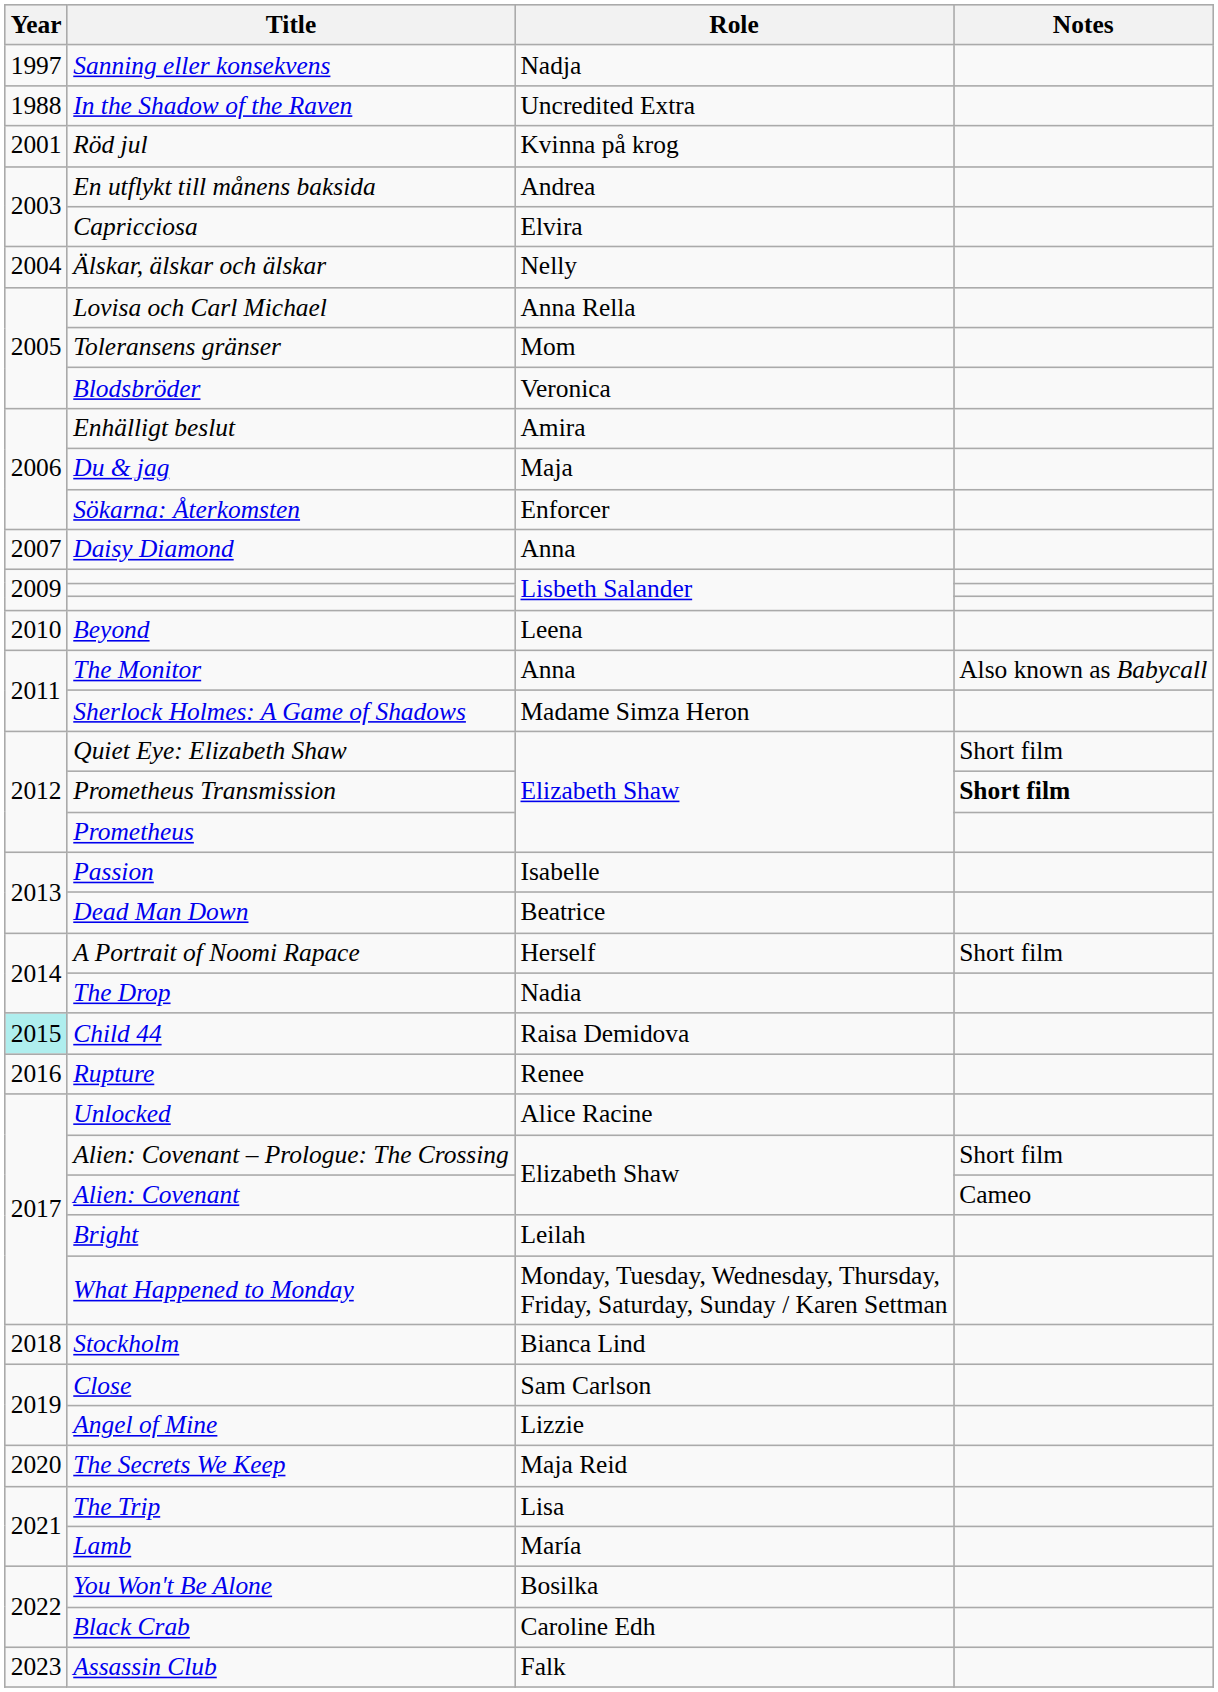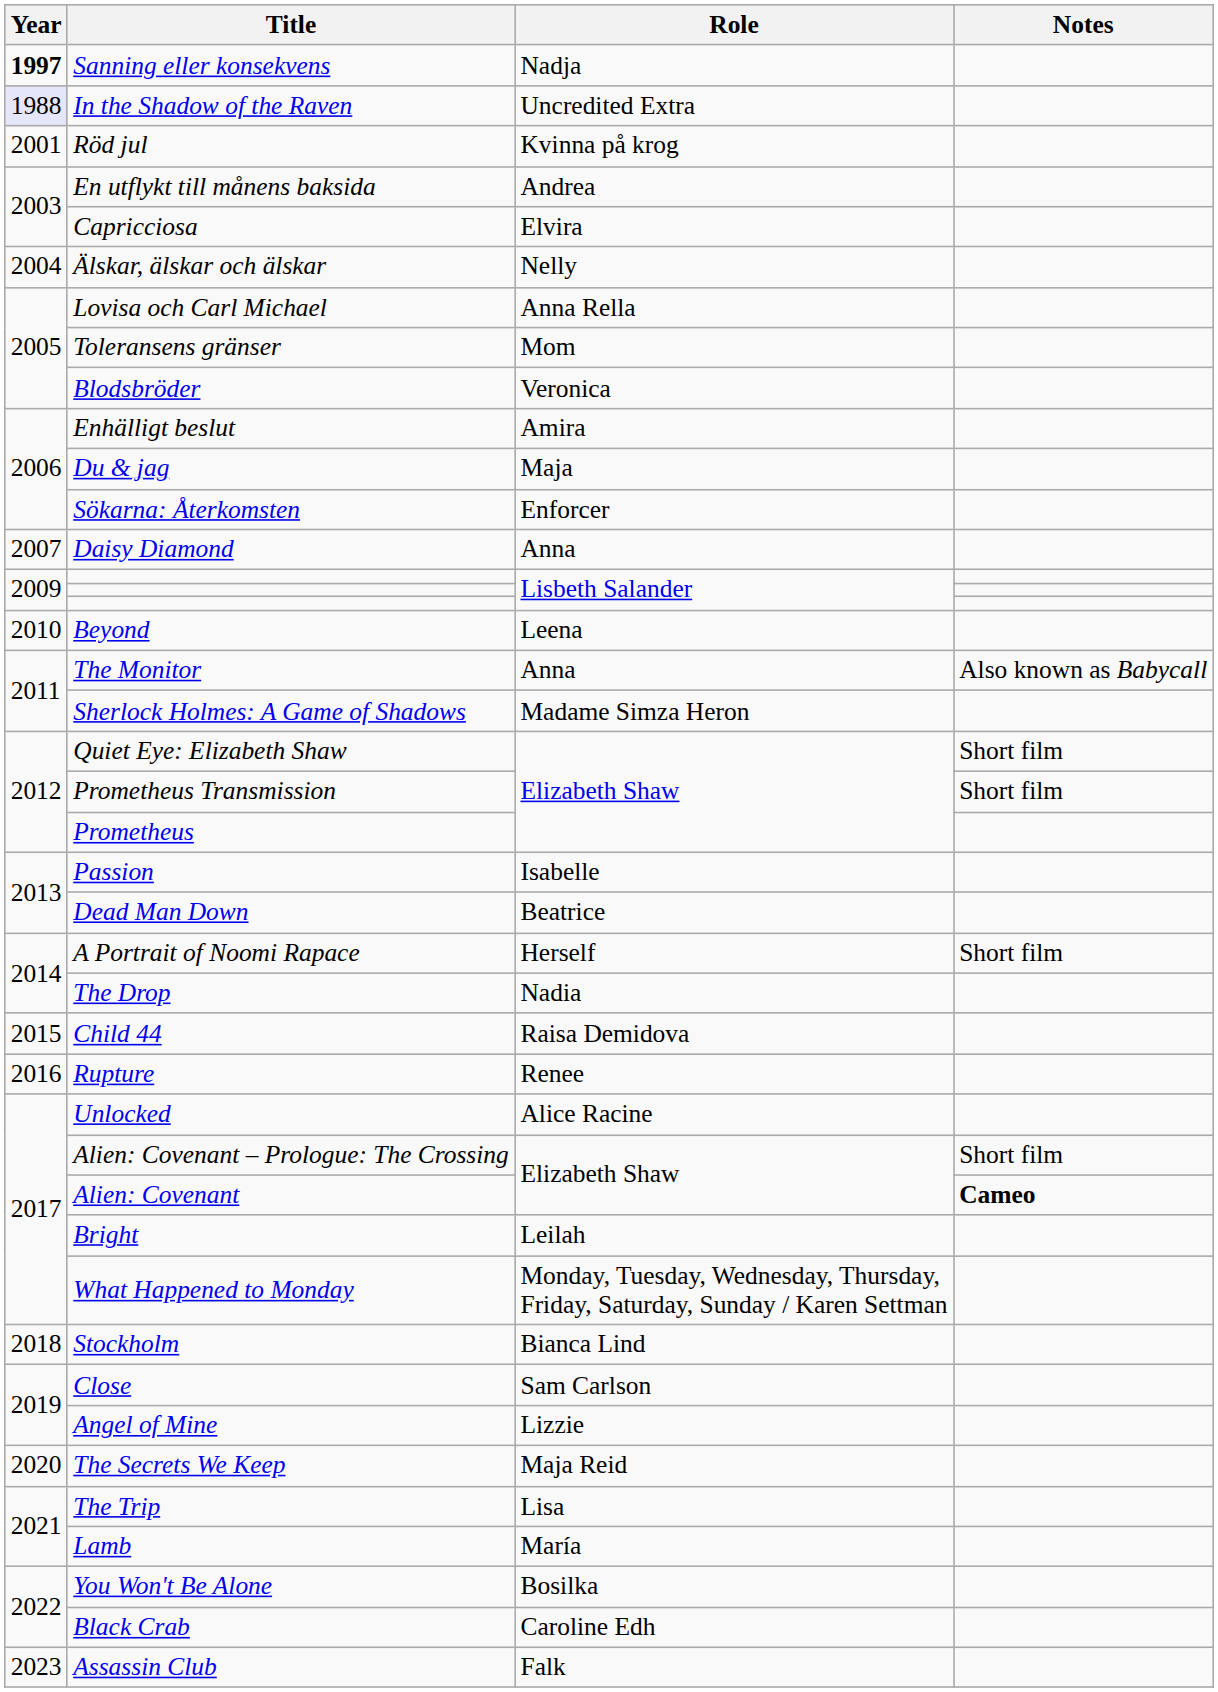 <table class="wikitable sortable">
 <tr>
 <th>Year</th>
 <th>Title</th>
 <th>Role</th>
 <th class="unsortable">Notes</th>
 </tr>
 <tr>
-<td>1997</td>
+<td><strong>1997</strong></td>
 <td><em><a href='#'>Sanning eller konsekvens</a></em></td>
 <td>Nadja</td>
 <td></td>
 </tr>
 <tr>
-<td>1988</td>
+<td style="background: lavender;">1988</td>
 <td><em><a href='#'>In the Shadow of the Raven</a></em></td>
 <td>Uncredited Extra</td>
 <td></td>
 </tr>
 <tr>
 <td>2001</td>
 <td><em>Röd jul</em></td>
 <td>Kvinna på krog</td>
 <td></td>
 </tr>
 <tr>
 <td rowspan="2">2003</td>
 <td><em>En utflykt till månens baksida</em></td>
 <td>Andrea</td>
 <td></td>
 </tr>
 <tr>
 <td><em>Capricciosa</em></td>
 <td>Elvira</td>
 <td></td>
 </tr>
 <tr>
 <td>2004</td>
 <td><em>Älskar, älskar och älskar</em></td>
 <td>Nelly</td>
 <td></td>
 </tr>
 <tr>
 <td rowspan="3">2005</td>
 <td><em>Lovisa och Carl Michael</em></td>
 <td>Anna Rella</td>
 <td></td>
 </tr>
 <tr>
 <td><em>Toleransens gränser</em></td>
 <td>Mom</td>
 <td></td>
 </tr>
 <tr>
 <td><em><a href='#'>Blodsbröder</a></em></td>
 <td>Veronica</td>
 <td></td>
 </tr>
 <tr>
 <td rowspan="3">2006</td>
 <td><em>Enhälligt beslut</em></td>
 <td>Amira</td>
 <td></td>
 </tr>
 <tr>
 <td><em><a href='#'>Du & jag</a></em></td>
 <td>Maja</td>
 <td></td>
 </tr>
 <tr>
 <td><em><a href='#'>Sökarna: Återkomsten</a></em></td>
 <td>Enforcer</td>
 <td></td>
 </tr>
 <tr>
 <td>2007</td>
 <td><em><a href='#'>Daisy Diamond</a></em></td>
 <td>Anna</td>
 <td></td>
 </tr>
 <tr>
 <td rowspan="3">2009</td>
 <td><em></em></td>
 <td rowspan="3"><a href='#'>Lisbeth Salander</a></td>
 <td></td>
 </tr>
 <tr>
 <td><em></em></td>
 <td></td>
 </tr>
 <tr>
 <td><em></em></td>
 <td></td>
 </tr>
 <tr>
 <td>2010</td>
 <td><em><a href='#'>Beyond</a></em></td>
 <td>Leena</td>
 <td></td>
 </tr>
 <tr>
 <td rowspan="2">2011</td>
 <td><em><a href='#'>The Monitor</a></em></td>
 <td>Anna</td>
 <td>Also known as <em>Babycall</em></td>
 </tr>
 <tr>
 <td><em><a href='#'>Sherlock Holmes: A Game of Shadows</a></em></td>
 <td>Madame Simza Heron</td>
 <td></td>
 </tr>
 <tr>
 <td rowspan="3">2012</td>
 <td><em>Quiet Eye: Elizabeth Shaw</em></td>
 <td rowspan="3"><a href='#'>Elizabeth Shaw</a></td>
 <td>Short film</td>
 </tr>
 <tr>
 <td><em>Prometheus Transmission</em></td>
-<td><strong>Short film</strong></td>
+<td>Short film</td>
 </tr>
 <tr>
 <td><em><a href='#'>Prometheus</a></em></td>
 </tr>
 <tr>
 <td rowspan="2">2013</td>
 <td><em><a href='#'>Passion</a></em></td>
 <td>Isabelle</td>
 <td></td>
 </tr>
 <tr>
 <td><em><a href='#'>Dead Man Down</a></em></td>
 <td>Beatrice</td>
 <td></td>
 </tr>
 <tr>
 <td rowspan="2">2014</td>
 <td><em>A Portrait of Noomi Rapace</em></td>
 <td>Herself</td>
 <td>Short film</td>
 </tr>
 <tr>
 <td><em><a href='#'>The Drop</a></em></td>
 <td>Nadia</td>
 <td></td>
 </tr>
 <tr>
-<td style="background: paleturquoise;">2015</td>
+<td>2015</td>
 <td><em><a href='#'>Child 44</a></em></td>
 <td>Raisa Demidova</td>
 <td></td>
 </tr>
 <tr>
 <td>2016</td>
 <td><em><a href='#'>Rupture</a></em></td>
 <td>Renee</td>
 <td></td>
 </tr>
 <tr>
 <td rowspan="5">2017</td>
 <td><em><a href='#'>Unlocked</a></em></td>
 <td>Alice Racine</td>
 <td></td>
 </tr>
 <tr>
 <td><em>Alien: Covenant – Prologue: The Crossing</em></td>
 <td rowspan="2">Elizabeth Shaw</td>
 <td>Short film</td>
 </tr>
 <tr>
 <td><em><a href='#'>Alien: Covenant</a></em></td>
-<td>Cameo</td>
+<td><strong>Cameo</strong></td>
 </tr>
 <tr>
 <td><em><a href='#'>Bright</a></em></td>
 <td>Leilah</td>
 <td></td>
 </tr>
 <tr>
 <td><em><a href='#'>What Happened to Monday</a></em></td>
 <td>Monday, Tuesday, Wednesday, Thursday,<br> Friday, Saturday, Sunday / Karen Settman</td>
 <td></td>
 </tr>
 <tr>
 <td>2018</td>
 <td><em><a href='#'>Stockholm</a></em></td>
 <td>Bianca Lind</td>
 <td></td>
 </tr>
 <tr>
 <td rowspan="2">2019</td>
 <td><em><a href='#'>Close</a></em></td>
 <td>Sam Carlson</td>
 <td></td>
 </tr>
 <tr>
 <td><em><a href='#'>Angel of Mine</a></em></td>
 <td>Lizzie</td>
 <td></td>
 </tr>
 <tr>
 <td>2020</td>
 <td><em><a href='#'>The Secrets We Keep</a></em></td>
 <td>Maja Reid</td>
 <td></td>
 </tr>
 <tr>
 <td rowspan="2">2021</td>
 <td><em><a href='#'>The Trip</a></em></td>
 <td>Lisa</td>
 <td></td>
 </tr>
 <tr>
 <td><em><a href='#'>Lamb</a></em></td>
 <td>María</td>
 <td></td>
 </tr>
 <tr>
 <td rowspan="2">2022</td>
 <td><em><a href='#'>You Won't Be Alone</a></em></td>
 <td>Bosilka</td>
 <td></td>
 </tr>
 <tr>
 <td><em><a href='#'>Black Crab</a></em></td>
 <td>Caroline Edh</td>
 <td></td>
 </tr>
 <tr>
 <td rowspan="1">2023</td>
 <td><em><a href='#'>Assassin Club</a></em></td>
 <td>Falk</td>
 <td></td>
 </tr>
 </table>
